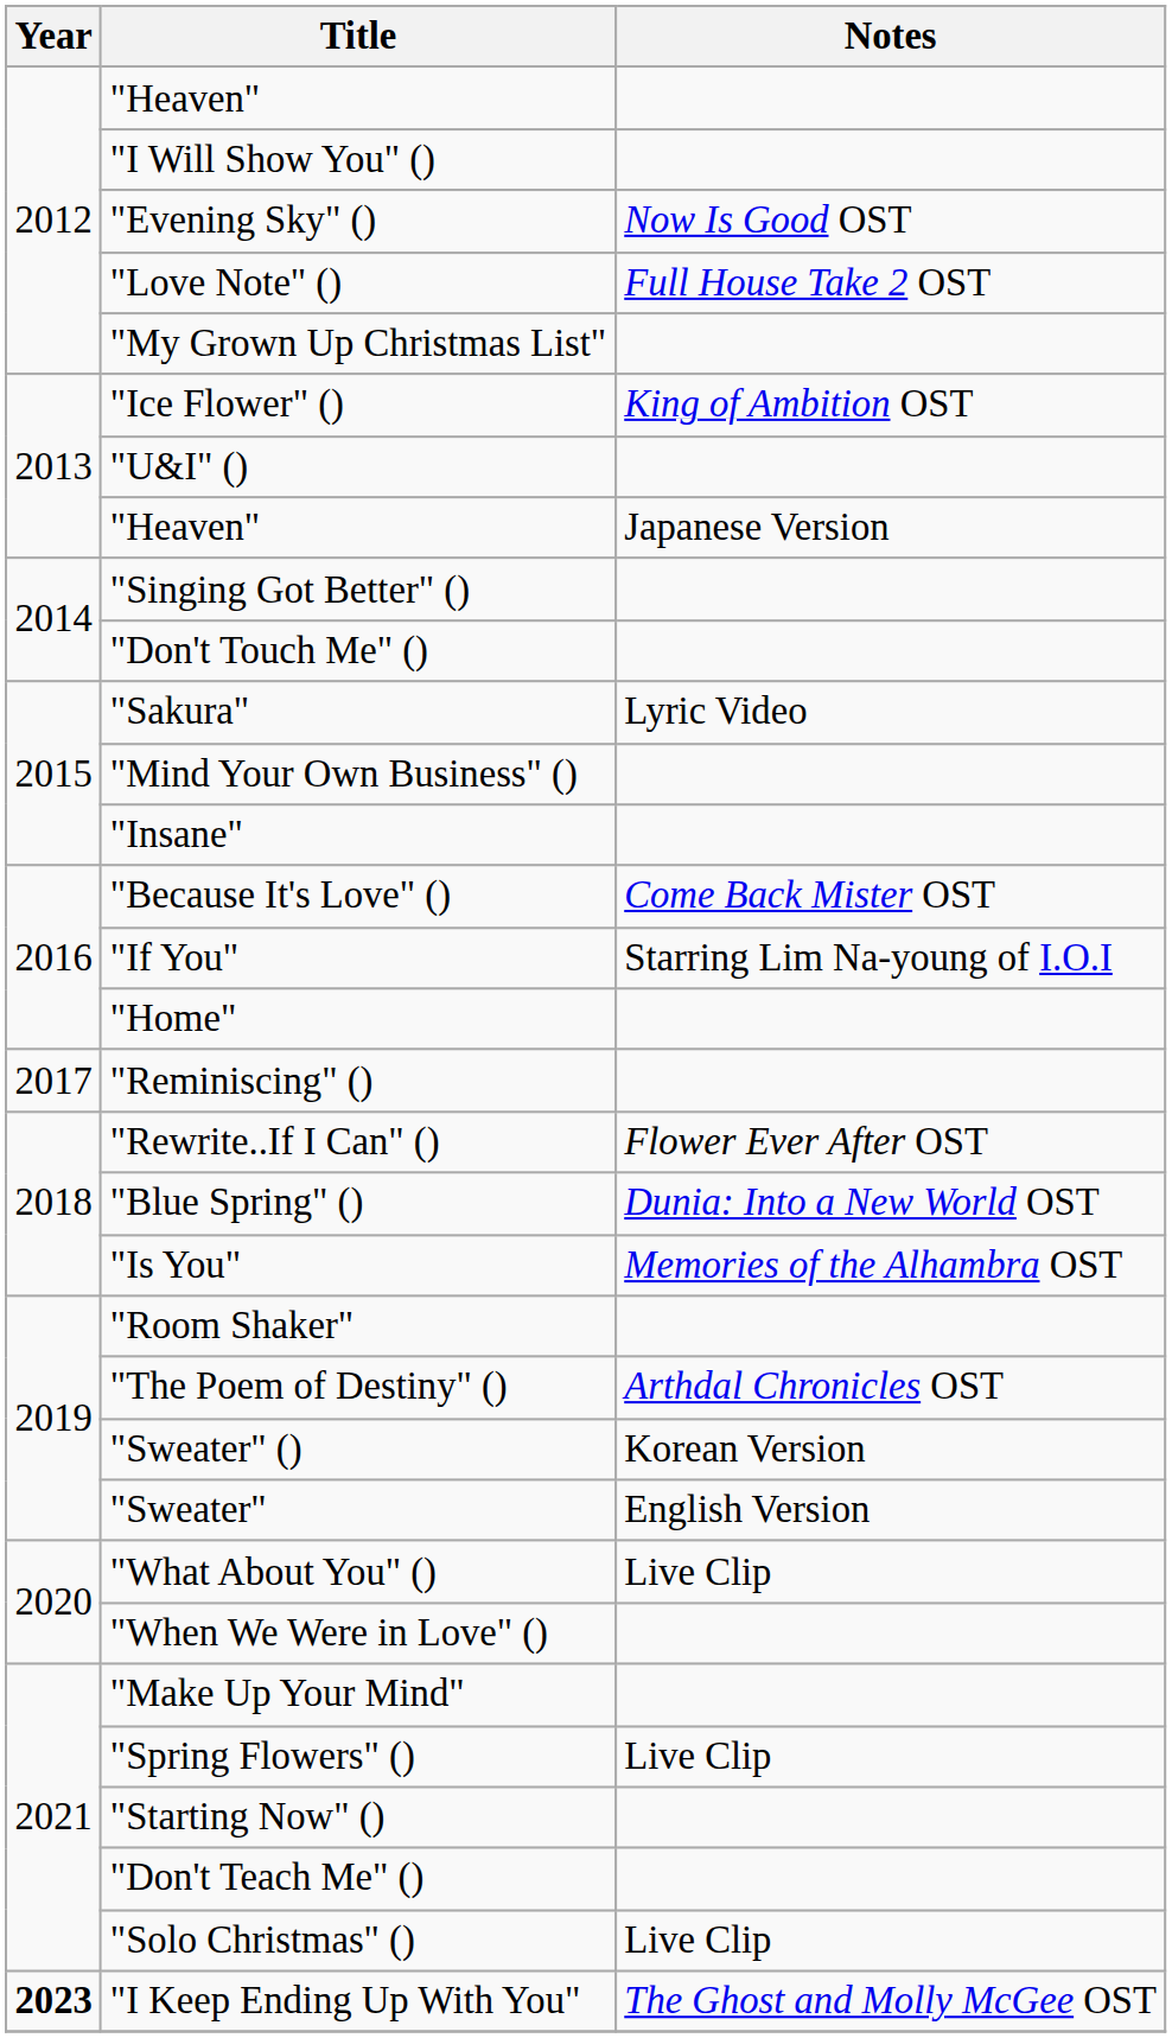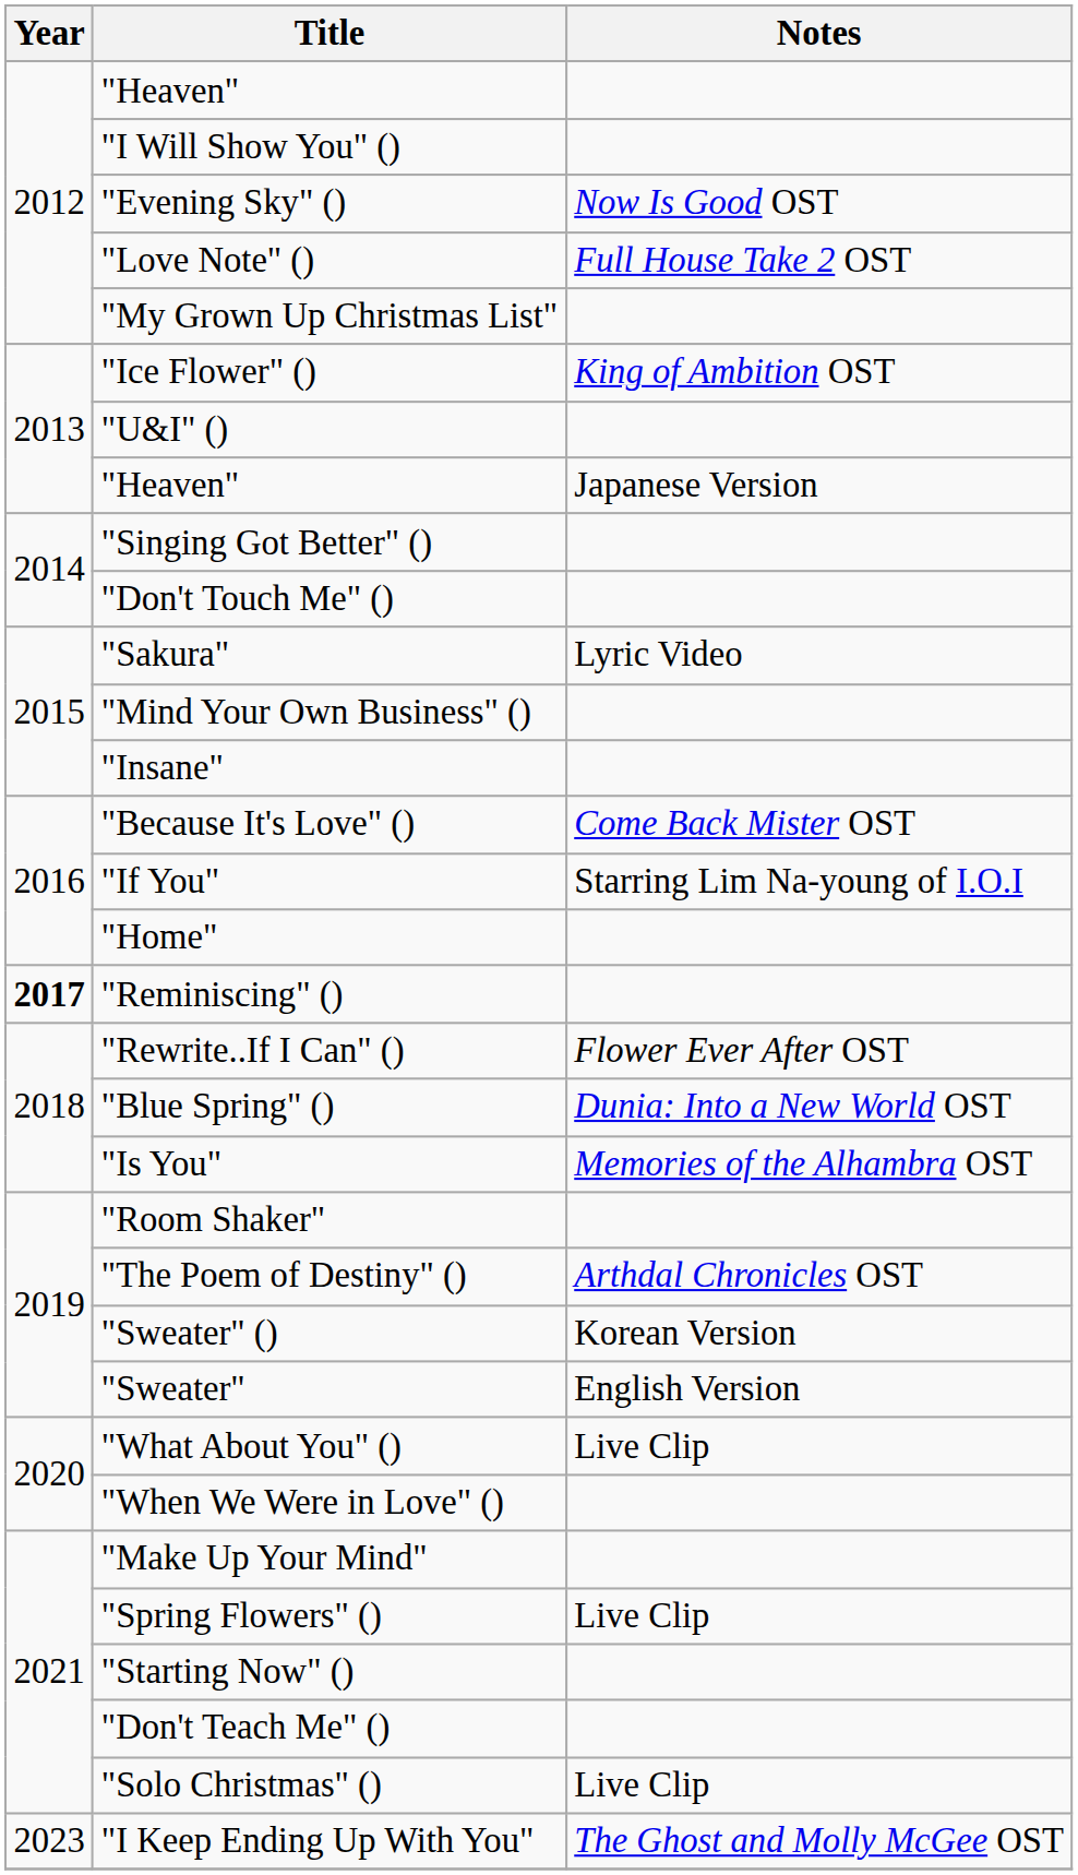 <table class="wikitable">
 <tr>
 <th>Year</th>
 <th>Title</th>
 <th>Notes</th>
 </tr>
 <tr>
 <td rowspan="5">2012</td>
 <td>"Heaven"</td>
 <td></td>
 </tr>
 <tr>
 <td>"I Will Show You" ()</td>
 <td></td>
 </tr>
 <tr>
 <td>"Evening Sky" ()</td>
 <td><em><a href='#'>Now Is Good</a></em> OST</td>
 </tr>
 <tr>
 <td>"Love Note" ()</td>
 <td><em><a href='#'>Full House Take 2</a></em> OST</td>
 </tr>
 <tr>
 <td>"My Grown Up Christmas List"</td>
 <td></td>
 </tr>
 <tr>
 <td rowspan="3">2013</td>
 <td>"Ice Flower" ()</td>
 <td><em><a href='#'>King of Ambition</a></em> OST</td>
 </tr>
 <tr>
 <td>"U&I" ()</td>
 <td></td>
 </tr>
 <tr>
 <td>"Heaven"</td>
 <td>Japanese Version</td>
 </tr>
 <tr>
 <td rowspan="2">2014</td>
 <td>"Singing Got Better" ()</td>
 <td></td>
 </tr>
 <tr>
 <td>"Don't Touch Me" ()</td>
 <td></td>
 </tr>
 <tr>
 <td rowspan="3">2015</td>
 <td>"Sakura"</td>
 <td>Lyric Video</td>
 </tr>
 <tr>
 <td>"Mind Your Own Business" ()</td>
 <td></td>
 </tr>
 <tr>
 <td>"Insane"</td>
 <td></td>
 </tr>
 <tr>
 <td rowspan="3">2016</td>
 <td>"Because It's Love" ()</td>
 <td><em><a href='#'>Come Back Mister</a></em> OST</td>
 </tr>
 <tr>
 <td>"If You"</td>
 <td>Starring Lim Na-young of <a href='#'>I.O.I</a></td>
 </tr>
 <tr>
 <td>"Home"<br></td>
 <td></td>
 </tr>
 <tr>
-<td>2017</td>
+<td><strong>2017</strong></td>
 <td>"Reminiscing" ()</td>
 <td></td>
 </tr>
 <tr>
 <td rowspan="3">2018</td>
 <td>"Rewrite..If I Can" ()</td>
 <td><em>Flower Ever After</em> OST</td>
 </tr>
 <tr>
 <td>"Blue Spring" ()</td>
 <td><em><a href='#'>Dunia: Into a New World</a></em> OST</td>
 </tr>
 <tr>
 <td>"Is You"</td>
 <td><em><a href='#'>Memories of the Alhambra</a></em> OST</td>
 </tr>
 <tr>
 <td rowspan="4">2019</td>
 <td>"Room Shaker"</td>
 <td></td>
 </tr>
 <tr>
 <td>"The Poem of Destiny" ()</td>
 <td><em><a href='#'>Arthdal Chronicles</a></em> OST</td>
 </tr>
 <tr>
 <td>"Sweater" ()</td>
 <td>Korean Version</td>
 </tr>
 <tr>
 <td>"Sweater"</td>
 <td>English Version</td>
 </tr>
 <tr>
 <td rowspan="2">2020</td>
 <td>"What About You" ()<br></td>
 <td>Live Clip</td>
 </tr>
 <tr>
 <td>"When We Were in Love" ()</td>
 <td></td>
 </tr>
 <tr>
 <td rowspan="5">2021</td>
 <td>"Make Up Your Mind"</td>
 <td></td>
 </tr>
 <tr>
 <td>"Spring Flowers" ()</td>
 <td>Live Clip</td>
 </tr>
 <tr>
 <td>"Starting Now" ()</td>
 <td></td>
 </tr>
 <tr>
 <td>"Don't Teach Me" ()</td>
 <td></td>
 </tr>
 <tr>
 <td>"Solo Christmas" ()<br></td>
 <td>Live Clip</td>
 </tr>
 <tr>
-<td rowspan="1"><strong>2023</strong></td>
+<td rowspan="1">2023</td>
 <td>"I Keep Ending Up With You"</td>
 <td><em><a href='#'>The Ghost and Molly McGee</a></em> OST</td>
 </tr>
 <tr>
 </tr>
 </table>
